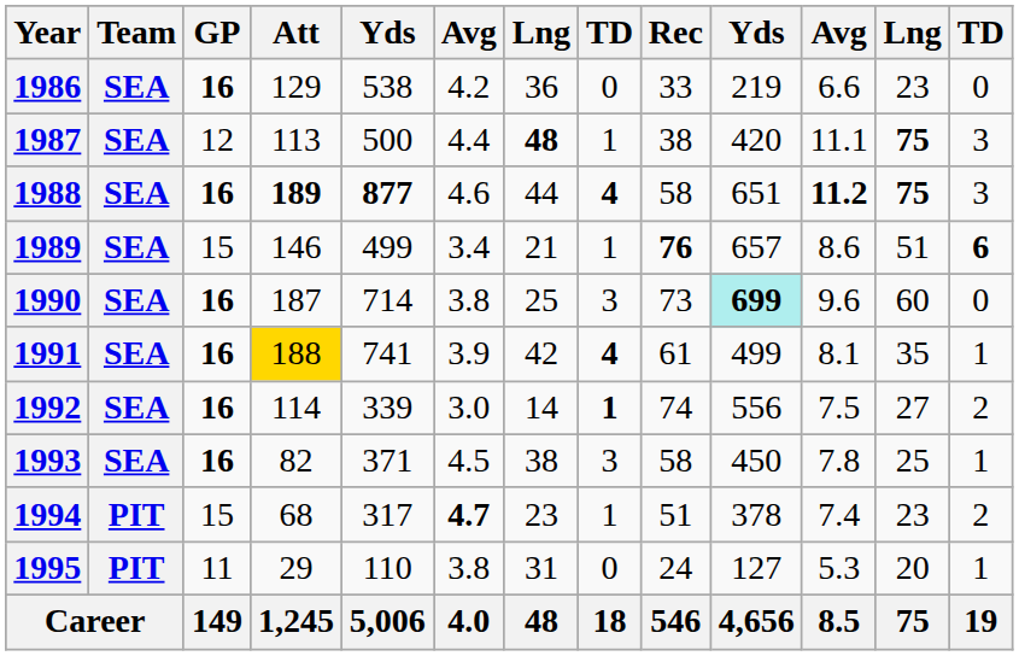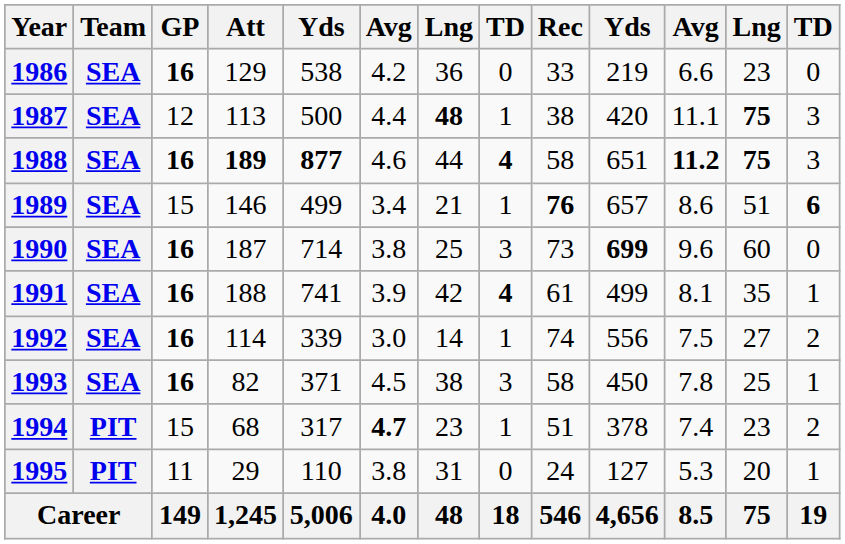 <table class="wikitable" style="text-align: center;">
 <tr>
 <th>Year</th>
 <th>Team</th>
 <th>GP</th>
 <th>Att</th>
 <th>Yds</th>
 <th>Avg</th>
 <th>Lng</th>
 <th>TD</th>
 <th>Rec</th>
 <th>Yds</th>
 <th>Avg</th>
 <th>Lng</th>
 <th>TD</th>
 </tr>
 <tr>
 <th><a href='#'>1986</a></th>
 <th><a href='#'>SEA</a></th>
 <td><strong>16</strong></td>
 <td>129</td>
 <td>538</td>
 <td>4.2</td>
 <td>36</td>
 <td>0</td>
 <td>33</td>
 <td>219</td>
 <td>6.6</td>
 <td>23</td>
 <td>0</td>
 </tr>
 <tr>
 <th><a href='#'>1987</a></th>
 <th><a href='#'>SEA</a></th>
 <td>12</td>
 <td>113</td>
 <td>500</td>
 <td>4.4</td>
 <td><strong>48</strong></td>
 <td>1</td>
 <td>38</td>
 <td>420</td>
 <td>11.1</td>
 <td><strong>75</strong></td>
 <td>3</td>
 </tr>
 <tr>
 <th><a href='#'>1988</a></th>
 <th><a href='#'>SEA</a></th>
 <td><strong>16</strong></td>
 <td><strong>189</strong></td>
 <td><strong>877</strong></td>
 <td>4.6</td>
 <td>44</td>
 <td><strong>4</strong></td>
 <td>58</td>
 <td>651</td>
 <td><strong>11.2</strong></td>
 <td><strong>75</strong></td>
 <td>3</td>
 </tr>
 <tr>
 <th><a href='#'>1989</a></th>
 <th><a href='#'>SEA</a></th>
 <td>15</td>
 <td>146</td>
 <td>499</td>
 <td>3.4</td>
 <td>21</td>
 <td>1</td>
 <td><strong>76</strong></td>
 <td>657</td>
 <td>8.6</td>
 <td>51</td>
 <td><strong>6</strong></td>
 </tr>
 <tr>
 <th><a href='#'>1990</a></th>
 <th><a href='#'>SEA</a></th>
 <td><strong>16</strong></td>
 <td>187</td>
 <td>714</td>
 <td>3.8</td>
 <td>25</td>
 <td>3</td>
 <td>73</td>
-<td style="background: paleturquoise;"><strong>699</strong></td>
+<td><strong>699</strong></td>
 <td>9.6</td>
 <td>60</td>
 <td>0</td>
 </tr>
 <tr>
 <th><a href='#'>1991</a></th>
 <th><a href='#'>SEA</a></th>
 <td><strong>16</strong></td>
-<td style="background: gold;">188</td>
+<td>188</td>
 <td>741</td>
 <td>3.9</td>
 <td>42</td>
 <td><strong>4</strong></td>
 <td>61</td>
 <td>499</td>
 <td>8.1</td>
 <td>35</td>
 <td>1</td>
 </tr>
 <tr>
 <th><a href='#'>1992</a></th>
 <th><a href='#'>SEA</a></th>
 <td><strong>16</strong></td>
 <td>114</td>
 <td>339</td>
 <td>3.0</td>
 <td>14</td>
-<td><strong>1</strong></td>
+<td>1</td>
 <td>74</td>
 <td>556</td>
 <td>7.5</td>
 <td>27</td>
 <td>2</td>
 </tr>
 <tr>
 <th><a href='#'>1993</a></th>
 <th><a href='#'>SEA</a></th>
 <td><strong>16</strong></td>
 <td>82</td>
 <td>371</td>
 <td>4.5</td>
 <td>38</td>
 <td>3</td>
 <td>58</td>
 <td>450</td>
 <td>7.8</td>
 <td>25</td>
 <td>1</td>
 </tr>
 <tr>
 <th><a href='#'>1994</a></th>
 <th><a href='#'>PIT</a></th>
 <td>15</td>
 <td>68</td>
 <td>317</td>
 <td><strong>4.7</strong></td>
 <td>23</td>
 <td>1</td>
 <td>51</td>
 <td>378</td>
 <td>7.4</td>
 <td>23</td>
 <td>2</td>
 </tr>
 <tr>
 <th><a href='#'>1995</a></th>
 <th><a href='#'>PIT</a></th>
 <td>11</td>
 <td>29</td>
 <td>110</td>
 <td>3.8</td>
 <td>31</td>
 <td>0</td>
 <td>24</td>
 <td>127</td>
 <td>5.3</td>
 <td>20</td>
 <td>1</td>
 </tr>
 <tr>
 <th colspan="2">Career</th>
 <th>149</th>
 <th>1,245</th>
 <th>5,006</th>
 <th>4.0</th>
 <th>48</th>
 <th>18</th>
 <th>546</th>
 <th>4,656</th>
 <th>8.5</th>
 <th>75</th>
 <th>19</th>
 </tr>
 </table>
